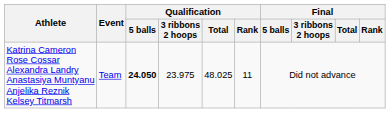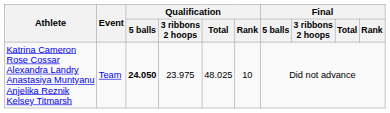 <table class="wikitable" style="font-size:90%">
 <tr>
 <th rowspan=2>Athlete</th>
 <th rowspan=2>Event</th>
 <th colspan="4">Qualification</th>
 <th colspan="4">Final</th>
 </tr>
 <tr style="font-size:95%">
 <th>5 balls</th>
 <th>3 ribbons <br>2 hoops</th>
 <th>Total</th>
 <th>Rank</th>
 <th>5 balls</th>
 <th>3 ribbons <br>2 hoops</th>
 <th>Total</th>
 <th>Rank</th>
 </tr>
 <tr align=center>
 <td align=left><a href='#'>Katrina Cameron</a><br><a href='#'>Rose Cossar</a><br><a href='#'>Alexandra Landry</a><br><a href='#'>Anastasiya Muntyanu</a><br><a href='#'>Anjelika Reznik</a><br><a href='#'>Kelsey Titmarsh</a></td>
 <td align=left><a href='#'>Team</a></td>
 <td><strong>24.050</strong></td>
 <td>23.975</td>
 <td>48.025</td>
-<td>11</td>
+<td>10</td>
 <td colspan=4>Did not advance</td>
 </tr>
 </table>
